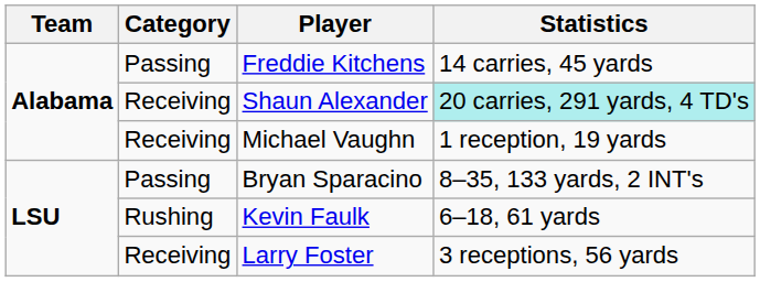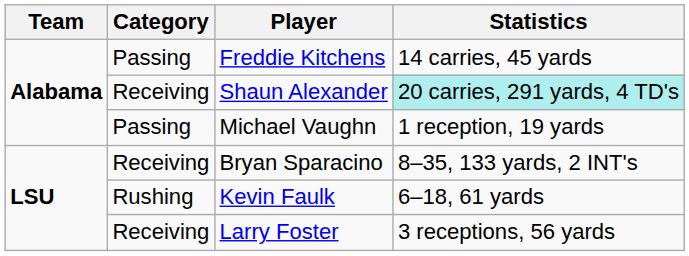 <table class="wikitable" style="float: right;">
 <tr>
 <th>Team</th>
 <th>Category</th>
 <th>Player</th>
 <th>Statistics</th>
 </tr>
 <tr>
 <td rowspan=3><strong>Alabama</strong></td>
 <td>Passing</td>
 <td><a href='#'>Freddie Kitchens</a></td>
 <td>14 carries, 45 yards</td>
 </tr>
 <tr>
 <td>Receiving</td>
 <td><a href='#'>Shaun Alexander</a></td>
 <td style="background: paleturquoise;">20 carries, 291 yards, 4 TD's</td>
 </tr>
 <tr>
-<td>Receiving</td>
+<td>Passing</td>
 <td>Michael Vaughn</td>
 <td>1 reception, 19 yards</td>
 </tr>
 <tr>
 <td rowspan=3><strong>LSU</strong></td>
-<td>Passing</td>
+<td>Receiving</td>
 <td>Bryan Sparacino</td>
 <td>8–35, 133 yards, 2 INT's</td>
 </tr>
 <tr>
 <td>Rushing</td>
 <td><a href='#'>Kevin Faulk</a></td>
 <td>6–18, 61 yards</td>
 </tr>
 <tr>
 <td>Receiving</td>
 <td><a href='#'>Larry Foster</a></td>
 <td>3 receptions, 56 yards</td>
 </tr>
 </table>
